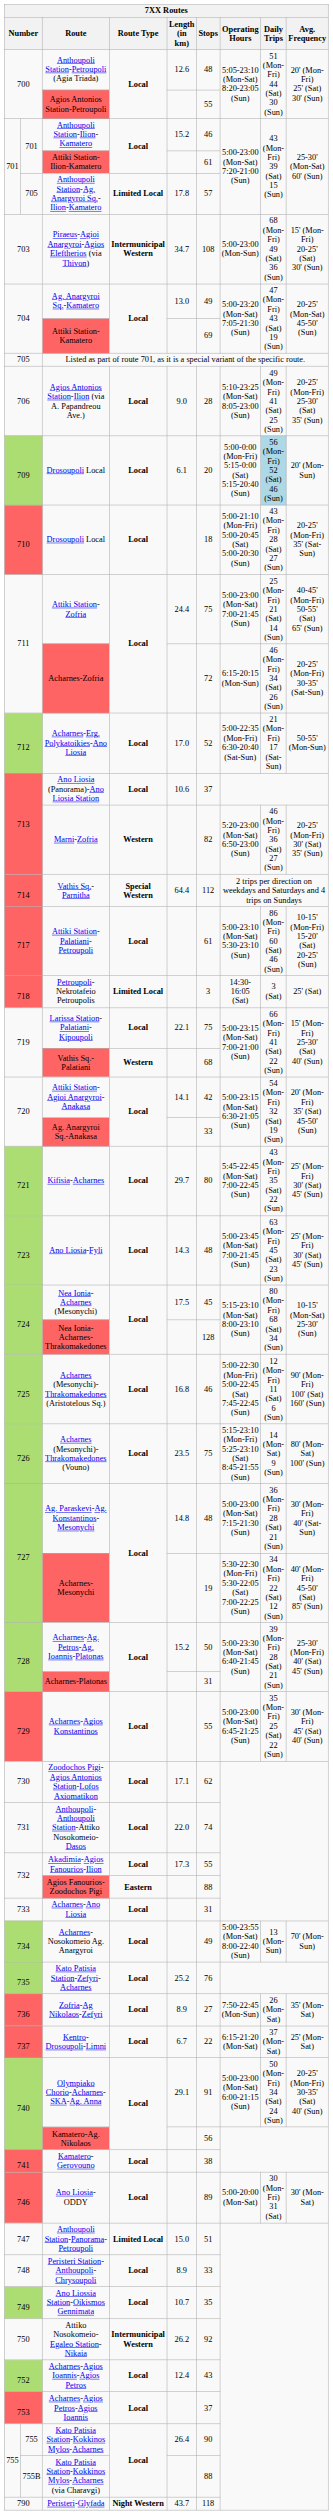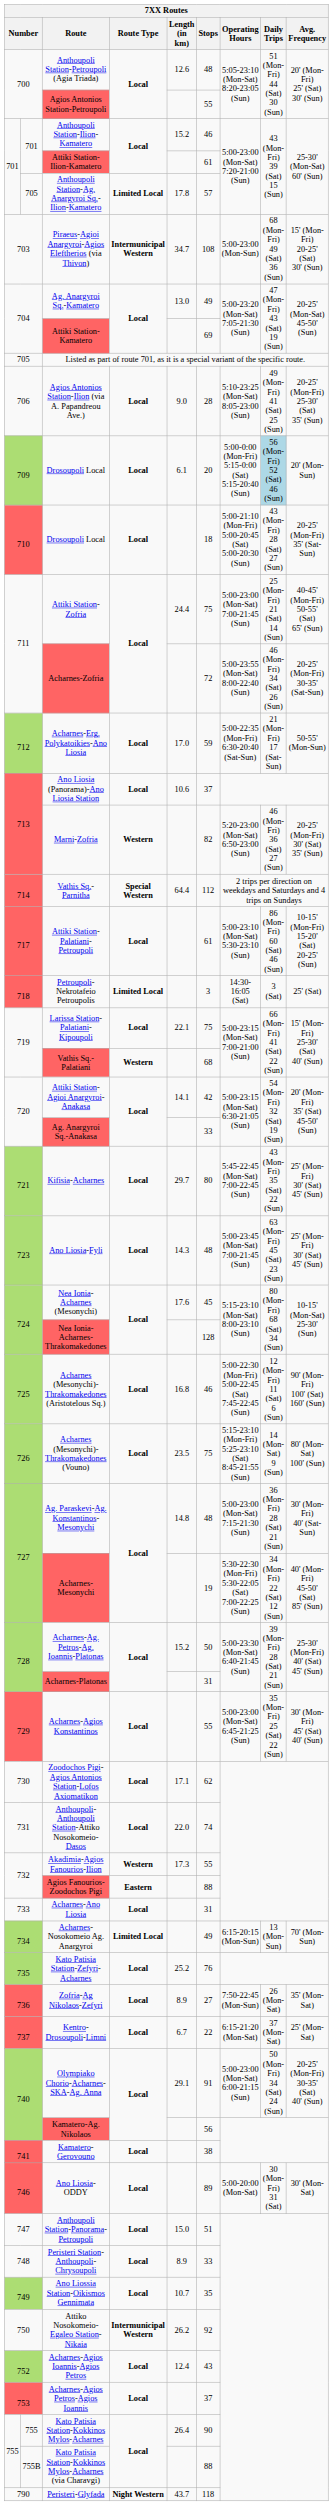 <table cellpadding="5" style="margin:0 auto; text-align:center;"  class="mw-collapsible mw-collapsed wikitable">
 <tr>
 <th colspan="9">7XX Routes</th>
 </tr>
 <tr>
 <th colspan="2">Number</th>
 <th>Route</th>
 <th>Route Type</th>
 <th>Length (in km)</th>
 <th>Stops</th>
 <th>Operating Hours</th>
 <th>Daily Trips</th>
 <th>Avg. Frequency</th>
 </tr>
 <tr>
 <td colspan="2" rowspan="2">700</td>
 <td><a href='#'>Anthoupoli Station</a>-<a href='#'>Petroupoli</a> (Agia Triada)</td>
 <td rowspan="2"><span><strong>Local</strong></span></td>
 <td>12.6</td>
 <td>48</td>
 <td rowspan="2">5:05-23:10 (Mon-Sat)<br>8:20-23:05 (Sun)</td>
 <td rowspan="2">51 (Mon-Fri)<br>44 (Sat)<br>30 (Sun)</td>
 <td rowspan="2">20' (Mon-Fri)<br>25' (Sat)<br>30' (Sun)</td>
 </tr>
 <tr>
 <td style="background:#ff6464;">Agios Antonios Station-Petroupoli</td>
 <td></td>
 <td>55</td>
 </tr>
 <tr>
 <td rowspan="3">701</td>
 <td rowspan="2">701</td>
 <td><a href='#'>Anthoupoli Station</a>-<a href='#'>Ilion</a>-<a href='#'>Kamatero</a></td>
 <td rowspan="2"><span><strong>Local</strong></span></td>
 <td>15.2</td>
 <td>46</td>
 <td rowspan="3">5:00-23:00 (Mon-Sat)<br>7:20-21:00 (Sun)</td>
 <td rowspan="3">43 (Mon-Fri)<br>39 (Sat)<br>15 (Sun)</td>
 <td rowspan="3">25-30' (Mon-Sat)<br>60' (Sun)</td>
 </tr>
 <tr>
 <td style="background:#ff6464;">Attiki Station-Ilion-Kamatero</td>
 <td></td>
 <td>61</td>
 </tr>
 <tr>
 <td>705</td>
 <td><a href='#'>Anthoupoli Station</a>-<a href='#'>Ag. Anargyroi Sq.</a>-<a href='#'>Ilion</a>-<a href='#'>Kamatero</a></td>
 <td><span><strong>Limited Local</strong></span></td>
 <td>17.8</td>
 <td>57</td>
 </tr>
 <tr>
 <td colspan="2">703</td>
 <td><a href='#'>Piraeus</a>-<a href='#'>Agioi Anargyroi</a>-<a href='#'>Agios Eleftherios</a> (via <a href='#'>Thivon</a>)</td>
 <td><span><strong>Intermunicipal Western</strong></span></td>
 <td>34.7</td>
 <td>108</td>
 <td>5:00-23:00 (Mon-Sun)</td>
 <td>68 (Mon-Fri)<br>49 (Sat)<br>36 (Sun)</td>
 <td>15' (Mon-Fri)<br>20-25' (Sat)<br>30' (Sun)</td>
 </tr>
 <tr>
 <td colspan="2" rowspan="2">704</td>
 <td><a href='#'>Ag. Anargyroi Sq.</a>-<a href='#'>Kamatero</a></td>
 <td rowspan="2"><span><strong>Local</strong></span></td>
 <td>13.0</td>
 <td>49</td>
 <td rowspan="2">5:00-23:20 (Mon-Sat)<br>7:05-21:30 (Sun)</td>
 <td rowspan="2">47 (Mon-Fri)<br>43 (Sat)<br>19 (Sun)</td>
 <td rowspan="2">20-25' (Mon-Sat)<br>45-50' (Sun)</td>
 </tr>
 <tr>
 <td style="background:#ff6464;">Attiki Station-Kamatero</td>
 <td></td>
 <td>69</td>
 </tr>
 <tr>
 <td colspan="2">705</td>
 <td colspan="7">Listed as part of route 701, as it is a special variant of the specific route.</td>
 </tr>
 <tr>
 <td colspan="2">706</td>
 <td><a href='#'>Agios Antonios Station</a>-<a href='#'>Ilion</a> (via A. Papandreou Ave.)</td>
 <td><span><strong>Local</strong></span></td>
 <td>9.0</td>
 <td>28</td>
 <td>5:10-23:25 (Mon-Sat)<br>8:05-23:00 (Sun)</td>
 <td>49 (Mon-Fri)<br>41 (Sat)<br>25 (Sun)</td>
 <td>20-25' (Mon-Fri)<br>25-30' (Sat)<br>35' (Sun)</td>
 </tr>
 <tr>
 <td colspan="2" style="background:#acdd73;"><br>709</td>
 <td><a href='#'>Drosoupoli</a> Local</td>
 <td><span><strong>Local</strong></span></td>
 <td>6.1</td>
 <td>20</td>
 <td>5:00-0:00 (Mon-Fri)<br>5:15-0:00 (Sat)<br>5:15-20:40 (Sun)</td>
 <td style="background: lightblue;">56 (Mon-Fri)<br>52 (Sat)<br>46 (Sun)</td>
 <td>20' (Mon-Sun)</td>
 </tr>
 <tr>
 <td colspan="2" style="background:#ff6464;"><br>710</td>
 <td><a href='#'>Drosoupoli</a> Local</td>
 <td><span><strong>Local</strong></span></td>
 <td></td>
 <td>18</td>
 <td>5:00-21:10 (Mon-Fri)<br>5:00-20:45 (Sat)<br>5:00-20:30 (Sun)</td>
 <td>43 (Mon-Fri)<br>28 (Sat)<br>27 (Sun)</td>
 <td>20-25' (Mon-Fri)<br>35' (Sat-Sun)</td>
 </tr>
 <tr>
 <td colspan="2" rowspan="2">711</td>
 <td><a href='#'>Attiki Station</a>-<a href='#'>Zofria</a></td>
 <td rowspan="2"><span><strong>Local</strong></span></td>
 <td>24.4</td>
 <td>75</td>
 <td>5:00-23:00 (Mon-Sat)<br>7:00-21:45 (Sun)</td>
 <td>25 (Mon-Fri)<br>21 (Sat)<br>14 (Sun)</td>
 <td>40-45' (Mon-Fri)<br>50-55' (Sat)<br>65' (Sun)</td>
 </tr>
 <tr>
 <td style="background:#ff6464;">Acharnes-Zofria</td>
 <td></td>
 <td>72</td>
-<td>6:15-20:15 (Mon-Sun)</td>
+<td>5:00-23:55 (Mon-Sat)<br>8:00-22:40 (Sun)</td>
 <td>46 (Mon-Fri)<br>34 (Sat)<br>26 (Sun)</td>
 <td>20-25' (Mon-Fri)<br>30-35' (Sat-Sun)</td>
 </tr>
 <tr>
 <td colspan="2" style="background:#acdd73;"><br>712</td>
 <td><a href='#'>Acharnes</a>-<a href='#'>Erg. Polykatoikies</a>-<a href='#'>Ano Liosia</a></td>
 <td><span><strong>Local</strong></span></td>
 <td>17.0</td>
-<td>52</td>
+<td>59</td>
 <td>5:00-22:35 (Mon-Fri)<br>6:30-20:40 (Sat-Sun)</td>
 <td>21 (Mon-Fri)<br>17 (Sat-Sun)</td>
 <td>50-55' (Mon-Sun)</td>
 </tr>
 <tr>
 <td colspan="2" rowspan="2" style="background:#ff6464;">713</td>
 <td><a href='#'>Ano Liosia</a> (Panorama)-<a href='#'>Ano Liosia Station</a></td>
 <td><span><strong>Local</strong></span></td>
 <td>10.6</td>
 <td>37</td>
 </tr>
 <tr>
 <td><a href='#'>Marni</a>-<a href='#'>Zofria</a></td>
 <td><span><strong>Western</strong></span></td>
 <td></td>
 <td>82</td>
 <td>5:20-23:00 (Mon-Sat)<br>6:50-23:00 (Sun)</td>
 <td>46 (Mon-Fri)<br>36 (Sat)<br>27 (Sun)</td>
 <td>20-25' (Mon-Fri)<br>30' (Sat)<br>35' (Sun)</td>
 </tr>
 <tr>
 <td colspan="2" style="background:#ff6464;"><br>714</td>
 <td><a href='#'>Vathis Sq.</a>-<a href='#'>Parnitha</a></td>
 <td><span><strong>Special Western</strong></span></td>
 <td>64.4</td>
 <td>112</td>
 <td colspan="3">2 trips per direction on weekdays and Saturdays and 4 trips on Sundays</td>
 </tr>
 <tr>
 <td colspan="2" style="background:#ff6464;"><br>717</td>
 <td><a href='#'>Attiki Station</a>-<a href='#'>Palatiani</a>-<a href='#'>Petroupoli</a></td>
 <td><span><strong>Local</strong></span></td>
 <td></td>
 <td>61</td>
 <td>5:00-23:10 (Mon-Sat)<br>5:30-23:10 (Sun)</td>
 <td>86 (Mon-Fri)<br>60 (Sat)<br>46 (Sun)</td>
 <td>10-15' (Mon-Fri)<br>15-20' (Sat)<br>20-25' (Sun)</td>
 </tr>
 <tr>
 <td colspan="2" style="background:#ff6464;"><br>718</td>
 <td><a href='#'>Petroupoli</a>-Nekrotafeio Petroupolis</td>
 <td><span><strong>Limited Local</strong></span></td>
 <td></td>
 <td>3</td>
 <td>14:30-16:05 (Sat)</td>
 <td>3 (Sat)</td>
 <td>25' (Sat)</td>
 </tr>
 <tr>
 <td colspan="2" rowspan="2">719</td>
 <td><a href='#'>Larissa Station</a>-<a href='#'>Palatiani</a>-<a href='#'>Kipoupoli</a></td>
 <td><span><strong>Local</strong></span></td>
 <td>22.1</td>
 <td>75</td>
 <td rowspan="2">5:00-23:15 (Mon-Sat)<br>7:00-21:00 (Sun)</td>
 <td rowspan="2">66 (Mon-Fri)<br>41 (Sat)<br>22 (Sun)</td>
 <td rowspan="2">15' (Mon-Fri)<br>25-30' (Sat)<br>40' (Sun)</td>
 </tr>
 <tr>
 <td style="background:#ff6464;">Vathis Sq.-Palatiani</td>
 <td><span><strong>Western</strong></span></td>
 <td></td>
 <td>68</td>
 </tr>
 <tr>
 <td colspan="2" rowspan="2">720</td>
 <td><a href='#'>Attiki Station</a>-<a href='#'>Agioi Anargyroi</a>-<a href='#'>Anakasa</a></td>
 <td rowspan="2"><span><strong>Local</strong></span></td>
 <td>14.1</td>
 <td>42</td>
 <td rowspan="2">5:00-23:15 (Mon-Sat)<br>6:30-21:05 (Sun)</td>
 <td rowspan="2">54 (Mon-Fri)<br>32 (Sat)<br>19 (Sun)</td>
 <td rowspan="2">20' (Mon-Fri)<br>35' (Sat)<br>45-50' (Sun)</td>
 </tr>
 <tr>
 <td style="background:#ff6464;">Ag. Anargyroi Sq.-Anakasa</td>
 <td></td>
 <td>33</td>
 </tr>
 <tr>
 <td colspan="2" style="background:#acdd73;"><br>721</td>
 <td><a href='#'>Kifisia</a>-<a href='#'>Acharnes</a></td>
 <td><span><strong>Local</strong></span></td>
 <td>29.7</td>
 <td>80</td>
 <td>5:45-22:45 (Mon-Sat)<br>7:00-22:45 (Sun)</td>
 <td>43 (Mon-Fri)<br>35 (Sat)<br>22 (Sun)</td>
 <td>25' (Mon-Fri)<br>30' (Sat)<br>45' (Sun)</td>
 </tr>
 <tr>
 <td colspan="2" style="background:#acdd73;"><br>723</td>
 <td><a href='#'>Ano Liosia</a>-<a href='#'>Fyli</a></td>
 <td><span><strong>Local</strong></span></td>
 <td>14.3</td>
 <td>48</td>
 <td>5:00-23:45 (Mon-Sat)<br>7:00-21:45 (Sun)</td>
 <td>63 (Mon-Fri)<br>45 (Sat)<br>23 (Sun)</td>
 <td>25' (Mon-Fri)<br>30' (Sat)<br>45' (Sun)</td>
 </tr>
 <tr>
 <td colspan="2" rowspan="2" style="background:#acdd73;"><br>724</td>
 <td><a href='#'>Nea Ionia</a>-<a href='#'>Acharnes</a> (Mesonychi)</td>
 <td rowspan="2"><span><strong>Local</strong></span></td>
-<td>17.5</td>
+<td>17.6</td>
 <td>45</td>
 <td rowspan="2">5:15-23:10 (Mon-Sat)<br>8:00-23:10 (Sun)</td>
 <td rowspan="2">80 (Mon-Fri)<br>68 (Sat)<br>34 (Sun)</td>
 <td rowspan="2">10-15' (Mon-Sat)<br>25-30' (Sun)</td>
 </tr>
 <tr>
 <td style="background:#ff6464;">Nea Ionia-Acharnes-Thrakomakedones</td>
 <td></td>
 <td>128</td>
 </tr>
 <tr>
 <td colspan="2" style="background:#acdd73;"><br>725</td>
 <td><a href='#'>Acharnes</a> (Mesonychi)-<a href='#'>Thrakomakedones</a> (Aristotelous Sq.)</td>
 <td><span><strong>Local</strong></span></td>
 <td>16.8</td>
 <td>46</td>
 <td>5:00-22:30 (Mon-Fri)<br>5:00-22:45 (Sat)<br>7:45-22:45 (Sun)</td>
 <td>12 (Mon-Fri)<br>11 (Sat)<br>6 (Sun)</td>
 <td>90' (Mon-Fri)<br>100' (Sat)<br>160' (Sun)</td>
 </tr>
 <tr>
 <td colspan="2" style="background:#acdd73;"><br>726</td>
 <td><a href='#'>Acharnes</a> (Mesonychi)-<a href='#'>Thrakomakedones</a> (Vouno)</td>
 <td><span><strong>Local</strong></span></td>
 <td>23.5</td>
 <td>75</td>
 <td>5:15-23:10 (Mon-Fri)<br>5:25-23:10 (Sat)<br>8:45-21:55 (Sun)</td>
 <td>14 (Mon-Sat)<br>9 (Sun)</td>
 <td>80' (Mon-Sat)<br>100' (Sun)</td>
 </tr>
 <tr>
 <td rowspan="2" colspan="2" style="background:#acdd73;"><br>727</td>
 <td><a href='#'>Ag. Paraskevi</a>-<a href='#'>Ag. Konstantinos</a>-<a href='#'>Mesonychi</a></td>
 <td rowspan="2"><span><strong>Local</strong></span></td>
 <td>14.8</td>
 <td>48</td>
 <td>5:00-23:00 (Mon-Sat)<br>7:15-21:30 (Sun)</td>
 <td>36 (Mon-Fri)<br>28 (Sat)<br>21 (Sun)</td>
 <td>30' (Mon-Fri)<br>40' (Sat-Sun)</td>
 </tr>
 <tr>
 <td style="background:#ff6464;">Acharnes-Mesonychi</td>
 <td></td>
 <td>19</td>
 <td>5:30-22:30 (Mon-Fri)<br>5:30-22:05 (Sat)<br>7:00-22:25 (Sun)</td>
 <td>34 (Mon-Fri)<br>22 (Sat)<br>12 (Sun)</td>
 <td>40' (Mon-Fri)<br>45-50' (Sat)<br>85' (Sun)</td>
 </tr>
 <tr>
 <td rowspan="2" colspan="2" style="background:#acdd73;"><br>728</td>
 <td><a href='#'>Acharnes</a>-<a href='#'>Ag. Petros</a>-<a href='#'>Ag. Ioannis</a>-<a href='#'>Platonas</a></td>
 <td rowspan="2"><span><strong>Local</strong></span></td>
 <td>15.2</td>
 <td>50</td>
 <td rowspan="2">5:00-23:30 (Mon-Sat)<br>6:40-21:45 (Sun)</td>
 <td rowspan="2">39 (Mon-Fri)<br>28 (Sat)<br>21 (Sun)</td>
 <td rowspan="2">25-30' (Mon-Fri)<br>40' (Sat)<br>45' (Sun)</td>
 </tr>
 <tr>
 <td style="background:#ff6464;">Acharnes-Platonas</td>
 <td></td>
 <td>31</td>
 </tr>
 <tr>
 <td colspan="2" style="background:#ff6464;"><br>729</td>
 <td><a href='#'>Acharnes</a>-<a href='#'>Agios Konstantinos</a></td>
 <td><span><strong>Local</strong></span></td>
 <td></td>
 <td>55</td>
 <td>5:00-23:00 (Mon-Sat)<br>6:45-21:25 (Sun)</td>
 <td>35 (Mon-Fri)<br>25 (Sat)<br>22 (Sun)</td>
 <td>30' (Mon-Fri)<br>45' (Sat)<br>40' (Sun)</td>
 </tr>
 <tr>
 <td colspan="2">730</td>
 <td><a href='#'>Zoodochos Pigi</a>-<a href='#'>Agios Antonios Station</a>-<a href='#'>Lofos Axiomatikon</a></td>
 <td><span><strong>Local</strong></span></td>
 <td>17.1</td>
 <td>62</td>
 </tr>
 <tr>
 <td colspan="2">731</td>
 <td><a href='#'>Anthoupoli</a>-<a href='#'>Anthoupoli Station</a>-Attiko Nosokomeio-<a href='#'>Dasos</a></td>
 <td><span><strong>Local</strong></span></td>
 <td>22.0</td>
 <td>74</td>
 </tr>
 <tr>
 <td colspan="2" rowspan="2">732</td>
 <td><a href='#'>Akadimia</a>-<a href='#'>Agios Fanourios</a>-<a href='#'>Ilion</a></td>
-<td><span><strong>Local</strong></span></td>
+<td><span><strong>Western</strong></span></td>
 <td>17.3</td>
 <td>55</td>
 </tr>
 <tr>
 <td style="background:#ff6464">Agios Fanourios-Zoodochos Pigi</td>
 <td><span><strong>Eastern</strong></span></td>
 <td></td>
 <td>88</td>
 </tr>
 <tr>
 <td colspan="2">733</td>
 <td><a href='#'>Acharnes</a>-<a href='#'>Ano Liosia</a></td>
 <td><span><strong>Local</strong></span></td>
 <td></td>
 <td>31</td>
 </tr>
 <tr>
 <td colspan="2" style="background:#acdd73;"><br>734</td>
 <td><a href='#'>Acharnes</a>-Nosokomeio Ag. Anargyroi</td>
-<td><span><strong>Local</strong></span></td>
+<td><span><strong>Limited Local</strong></span></td>
 <td></td>
 <td>49</td>
-<td>5:00-23:55 (Mon-Sat)<br>8:00-22:40 (Sun)</td>
+<td>6:15-20:15 (Mon-Sun)</td>
 <td>13 (Mon-Sun)</td>
 <td>70' (Mon-Sun)</td>
 </tr>
 <tr>
 <td colspan="2" style="background:#acdd73;"><br>735</td>
 <td><a href='#'>Kato Patisia Station</a>-<a href='#'>Zefyri</a>-<a href='#'>Acharnes</a></td>
 <td><span><strong>Local</strong></span></td>
 <td>25.2</td>
 <td>76</td>
 </tr>
 <tr>
 <td colspan="2" style="background:#ff6464;"><br>736</td>
 <td><a href='#'>Zofria</a>-<a href='#'>Ag Nikolaos</a>-<a href='#'>Zefyri</a></td>
 <td><span><strong>Local</strong></span></td>
 <td>8.9</td>
 <td>27</td>
 <td>7:50-22:45 (Mon-Sun)</td>
 <td>26 (Mon-Sat)</td>
 <td>35' (Mon-Sat)</td>
 </tr>
 <tr>
 <td colspan="2" style="background:#ff6464;"><br>737</td>
 <td><a href='#'>Kentro</a>-<a href='#'>Drosoupoli</a>-<a href='#'>Limni</a></td>
 <td><span><strong>Local</strong></span></td>
 <td>6.7</td>
 <td>22</td>
 <td>6:15-21:20 (Mon-Sat)</td>
 <td>37 (Mon-Sat)</td>
 <td>25' (Mon-Sat)</td>
 </tr>
 <tr>
 <td rowspan="2" colspan="2" style="background:#acdd73;"><br>740</td>
 <td><a href='#'>Olympiako Chorio</a>-<a href='#'>Acharnes</a>-<a href='#'>SKA</a>-<a href='#'>Ag. Anna</a></td>
 <td rowspan="2"><span><strong>Local</strong></span></td>
 <td>29.1</td>
 <td>91</td>
 <td>5:00-23:00 (Mon-Sat)<br>6:00-21:15 (Sun)</td>
 <td>50 (Mon-Fri)<br>34 (Sat)<br>24 (Sun)</td>
 <td>20-25' (Mon-Fri)<br>30-35' (Sat)<br>40' (Sun)</td>
 </tr>
 <tr>
 <td style="background:#ff6464;">Kamatero-Ag. Nikolaos</td>
 <td></td>
 <td>56</td>
 </tr>
 <tr>
 <td colspan="2" style="background:#ff6464;"><br>741</td>
 <td><a href='#'>Kamatero</a>-<a href='#'>Gerovouno</a></td>
 <td><span><strong>Local</strong></span></td>
 <td></td>
 <td>38</td>
 </tr>
 <tr>
 <td colspan="2" style="background:#ff6464;"><br>746</td>
 <td><a href='#'>Ano Liosia</a>-ODDY</td>
 <td><span><strong>Local</strong></span></td>
 <td></td>
 <td>89</td>
 <td>5:00-20:00 (Mon-Sat)</td>
 <td>30 (Mon-Fri)<br>31 (Sat)</td>
 <td>30' (Mon-Sat)</td>
 </tr>
 <tr>
 <td colspan="2">747</td>
 <td><a href='#'>Anthoupoli Station</a>-<a href='#'>Panorama</a>-<a href='#'>Petroupoli</a></td>
-<td><span><strong>Limited Local</strong></span></td>
+<td><span><strong>Local</strong></span></td>
 <td>15.0</td>
 <td>51</td>
 </tr>
 <tr>
 <td colspan="2">748</td>
 <td><a href='#'>Peristeri Station</a>-<a href='#'>Anthoupoli</a>-<a href='#'>Chrysoupoli</a></td>
 <td><span><strong>Local</strong></span></td>
 <td>8.9</td>
 <td>33</td>
 </tr>
 <tr>
 <td colspan="2" style="background:#acdd73;"><br>749</td>
 <td><a href='#'>Ano Liossia Station</a>-<a href='#'>Oikismos Gennimata</a></td>
 <td><span><strong>Local</strong></span></td>
 <td>10.7</td>
 <td>35</td>
 </tr>
 <tr>
 <td colspan="2">750</td>
 <td>Attiko Nosokomeio-<a href='#'>Egaleo Station</a>-<a href='#'>Nikaia</a></td>
 <td><span><strong>Intermunicipal Western</strong></span></td>
 <td>26.2</td>
 <td>92</td>
 </tr>
 <tr>
 <td colspan="2"  style="background:#acdd73;"><br>752</td>
 <td><a href='#'>Acharnes</a>-<a href='#'>Agios Ioannis</a>-<a href='#'>Agios Petros</a></td>
 <td><span><strong>Local</strong></span></td>
 <td>12.4</td>
 <td>43</td>
 </tr>
 <tr>
 <td colspan="2" style="background:#ff6464;"><br>753</td>
 <td><a href='#'>Acharnes</a>-<a href='#'>Agios Petros</a>-<a href='#'>Agios Ioannis</a></td>
 <td><span><strong>Local</strong></span></td>
 <td></td>
 <td>37</td>
 </tr>
 <tr>
 <td rowspan="2">755</td>
 <td>755</td>
 <td><a href='#'>Kato Patisia Station</a>-<a href='#'>Kokkinos Mylos</a>-<a href='#'>Acharnes</a></td>
 <td rowspan="2"><span><strong>Local</strong></span></td>
 <td>26.4</td>
 <td>90</td>
 </tr>
 <tr>
 <td>755B</td>
 <td><a href='#'>Kato Patisia Station</a>-<a href='#'>Kokkinos Mylos</a>-<a href='#'>Acharnes</a> (via Charavgi)</td>
 <td></td>
 <td>88</td>
 </tr>
 <tr>
 <td colspan="2">790</td>
 <td><a href='#'>Peristeri</a>-<a href='#'>Glyfada</a></td>
 <td><span><strong>Night Western</strong></span></td>
 <td>43.7</td>
 <td>118</td>
 </tr>
 </table>
